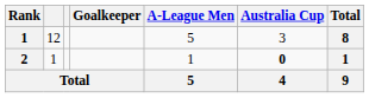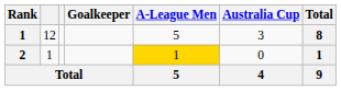 <table class="wikitable" style="text-align:center">
 <tr>
 <th>Rank</th>
 <th></th>
 <th></th>
 <th>Goalkeeper</th>
 <th><a href='#'>A-League Men</a></th>
 <th><a href='#'>Australia Cup</a></th>
 <th>Total</th>
 </tr>
 <tr>
 <th>1</th>
 <td>12</td>
 <td></td>
 <td align="left"></td>
 <td>5</td>
 <td>3</td>
 <th>8</th>
 </tr>
 <tr>
 <th>2</th>
 <td>1</td>
 <td></td>
 <td align="left"></td>
-<td>1</td>
-<td><strong>0</strong></td>
+<td style="background: gold;">1</td>
+<td>0</td>
 <th>1</th>
 </tr>
 <tr>
 <th colspan="4">Total</th>
 <th>5</th>
 <th>4</th>
 <th>9</th>
 </tr>
 </table>
